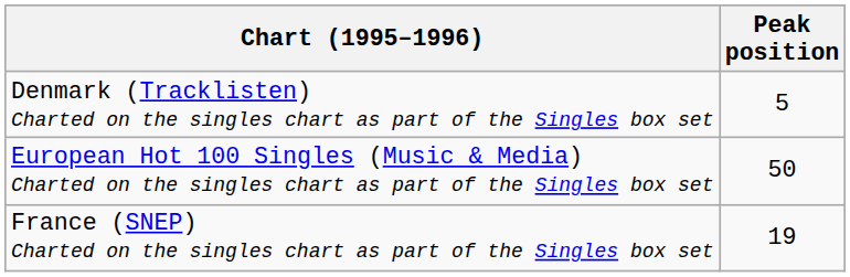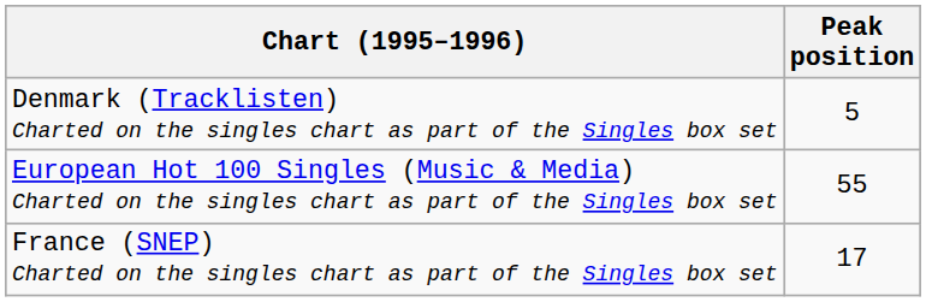 <table class="wikitable sortable">
 <tr>
 <th>Chart (1995–1996)</th>
 <th>Peak<br>position</th>
 </tr>
 <tr>
 <td>Denmark (<a href='#'>Tracklisten</a>)<br><small><em>Charted on the singles chart as part of the <a href='#'>Singles</a> box set</em></small></td>
 <td style="text-align:center;">5</td>
 </tr>
 <tr>
 <td><a href='#'>European Hot 100 Singles</a> (<a href='#'>Music & Media</a>)<br><small><em>Charted on the singles chart as part of the <a href='#'>Singles</a> box set</em></small></td>
-<td style="text-align:center;">50</td>
+<td style="text-align:center;">55</td>
 </tr>
 <tr>
 <td>France (<a href='#'>SNEP</a>)<br><small><em>Charted on the singles chart as part of the <a href='#'>Singles</a> box set</em></small></td>
-<td style="text-align:center;">19</td>
+<td style="text-align:center;">17</td>
 </tr>
 </table>
